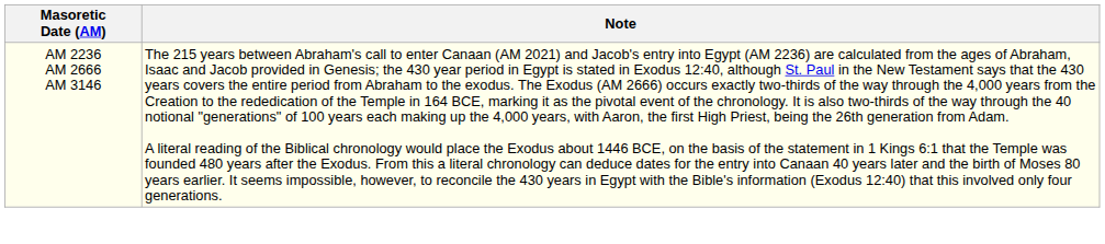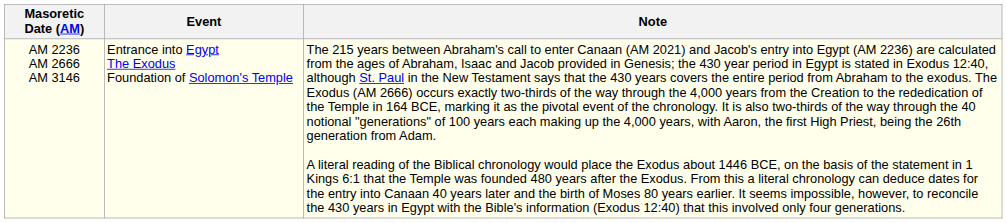 <table class="wikitable" style="align: center;">
 <tr>
 <th style="width:10%;">Masoretic<br>Date (<a href='#'>AM</a>)</th>
+<th style="width:20%;">Event<br></th>
 <th style="width:70%;">Note</th>
 </tr>
 <tr style="text-align:left; background:#ffffec; vertical-align:top;">
 <td style="text-align:center;">AM 2236<br>AM 2666<br>AM 3146</td>
+<td style="text-align:left;">Entrance into <a href='#'>Egypt</a><br><a href='#'>The Exodus</a><br>Foundation of <a href='#'>Solomon's Temple</a></td>
 <td style="text-align:left;">The 215 years between Abraham's call to enter Canaan (AM 2021) and Jacob's entry into Egypt (AM 2236) are calculated from the ages of Abraham, Isaac and Jacob provided in Genesis; the 430 year period in Egypt is stated in Exodus 12:40, although <a href='#'>St. Paul</a> in the New Testament says that the 430 years covers the entire period from Abraham to the exodus. The Exodus (AM 2666) occurs exactly two-thirds of the way through the 4,000 years from the Creation to the rededication of the Temple in 164 BCE, marking it as the pivotal event of the chronology. It is also two-thirds of the way through the 40 notional "generations" of 100 years each making up the 4,000 years, with Aaron, the first High Priest, being the 26th generation from Adam.<br><br>A literal reading of the Biblical chronology would place the Exodus about 1446 BCE, on the basis of the statement in 1 Kings 6:1 that the Temple was founded 480 years after the Exodus. From this a literal chronology can deduce dates for the entry into Canaan 40 years later and the birth of Moses 80 years earlier. It seems impossible, however, to reconcile the 430 years in Egypt with the Bible's information (Exodus 12:40) that this involved only four generations.</td>
 </tr>
 </table>
